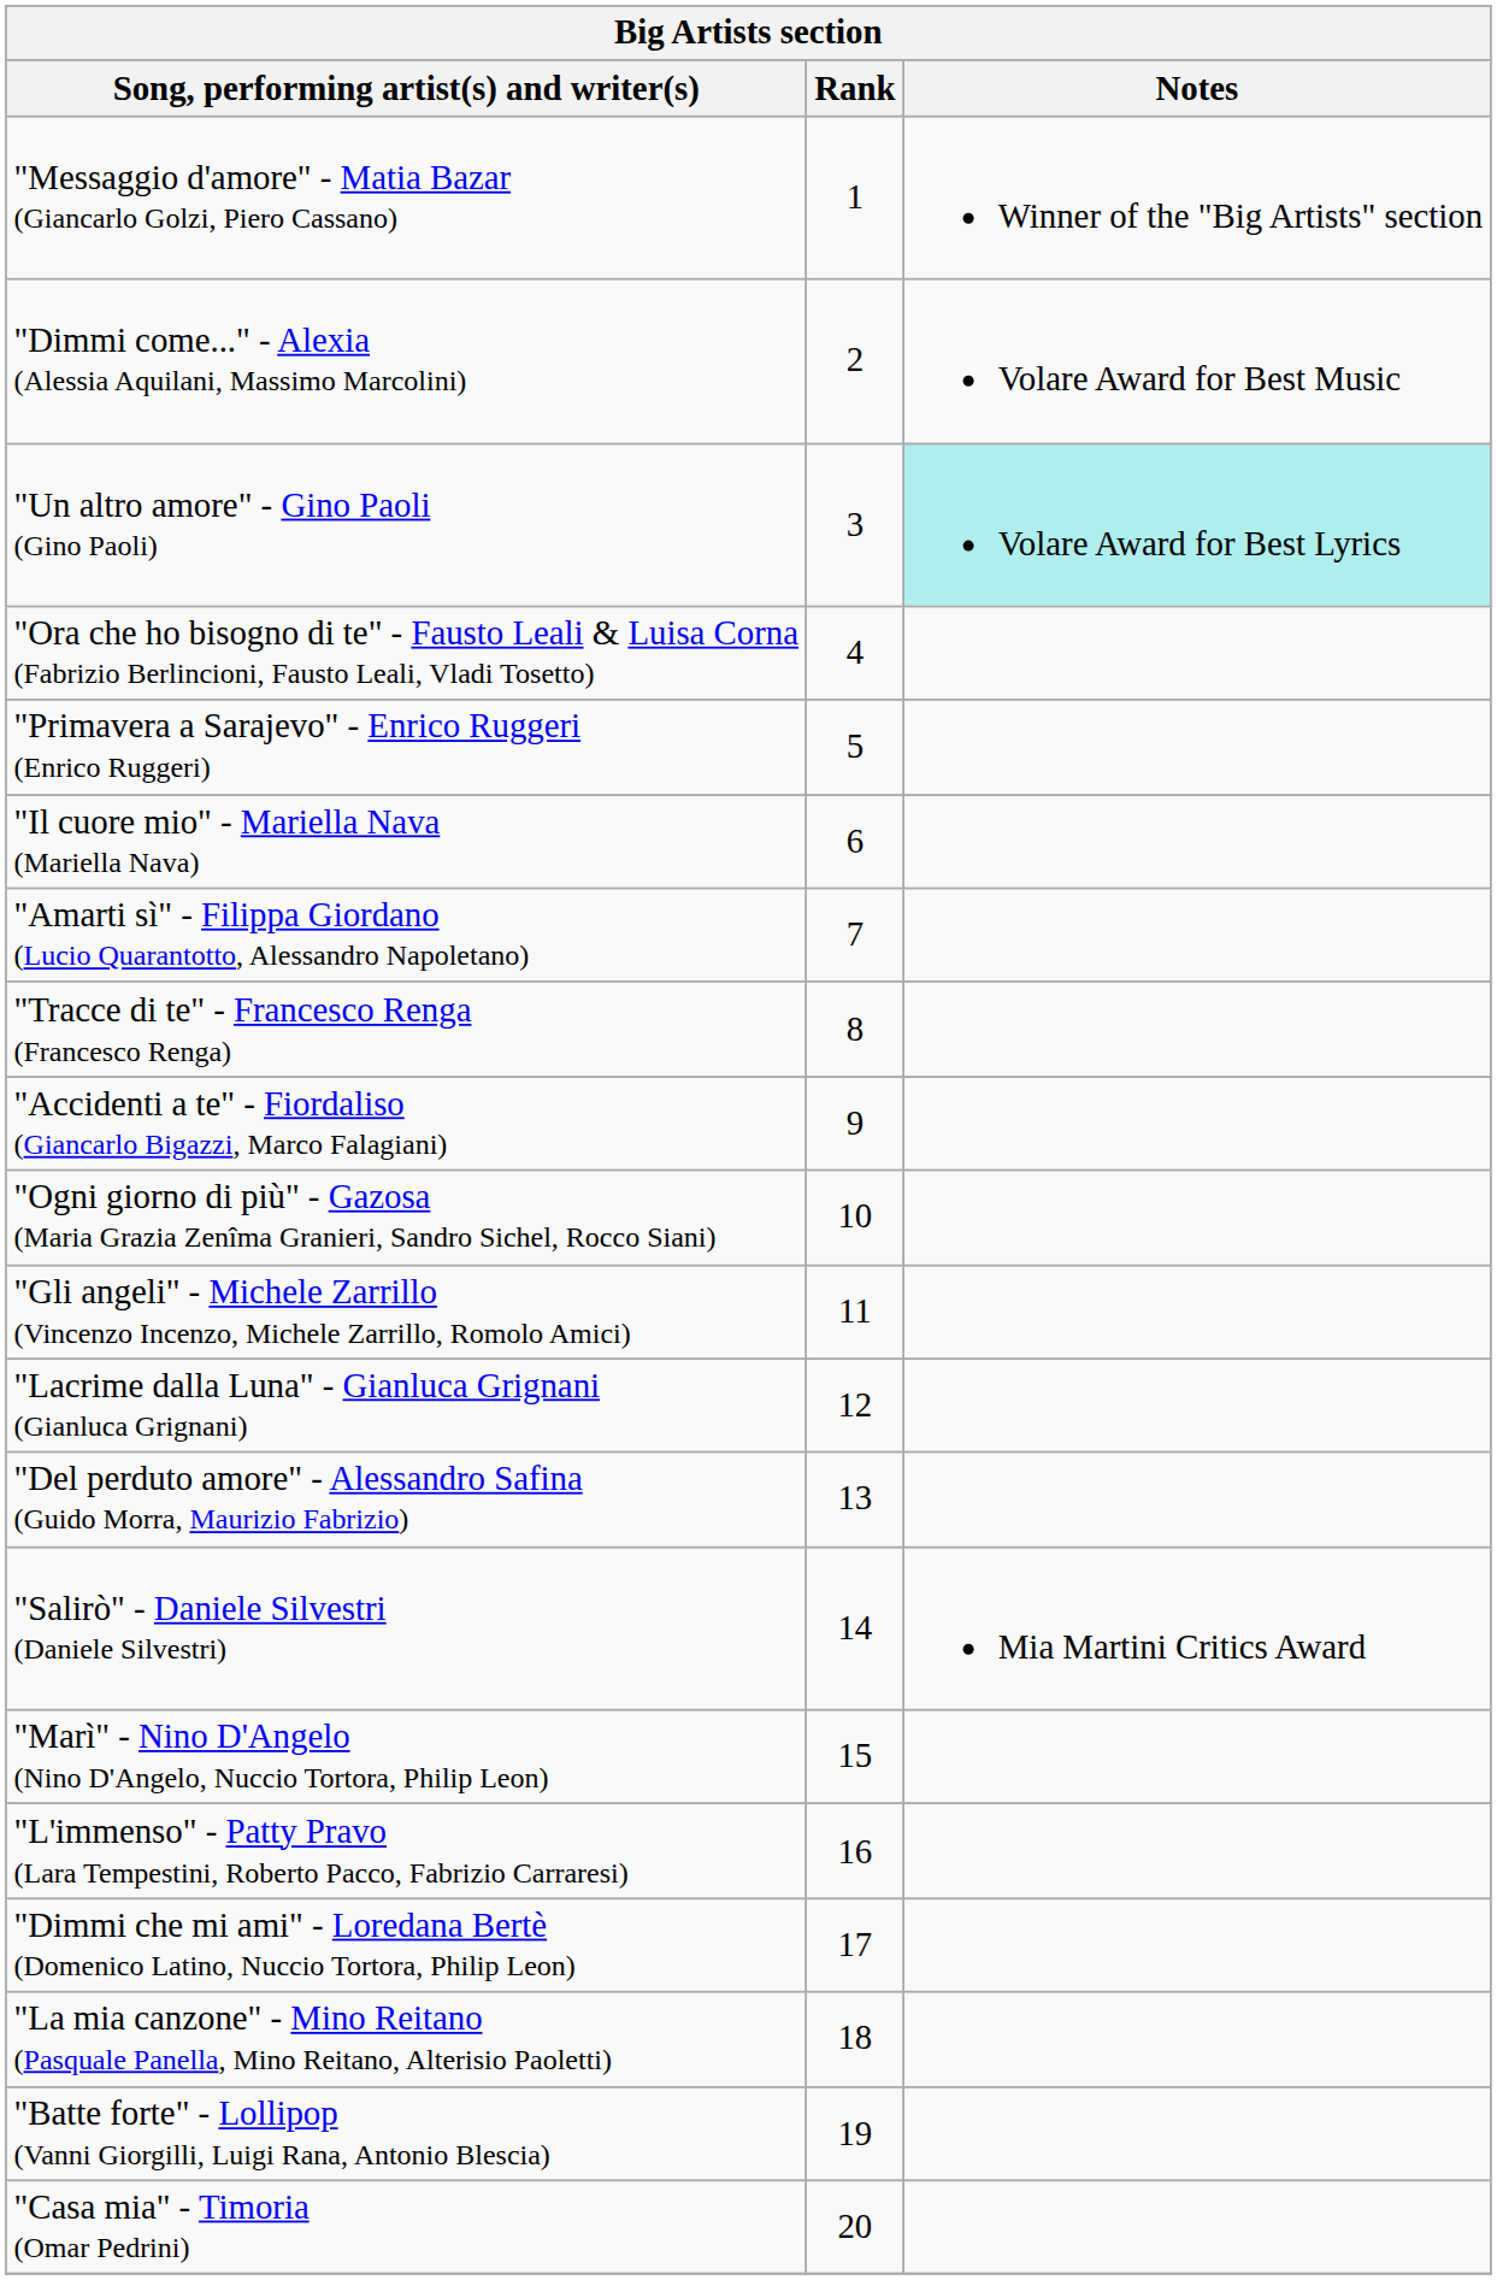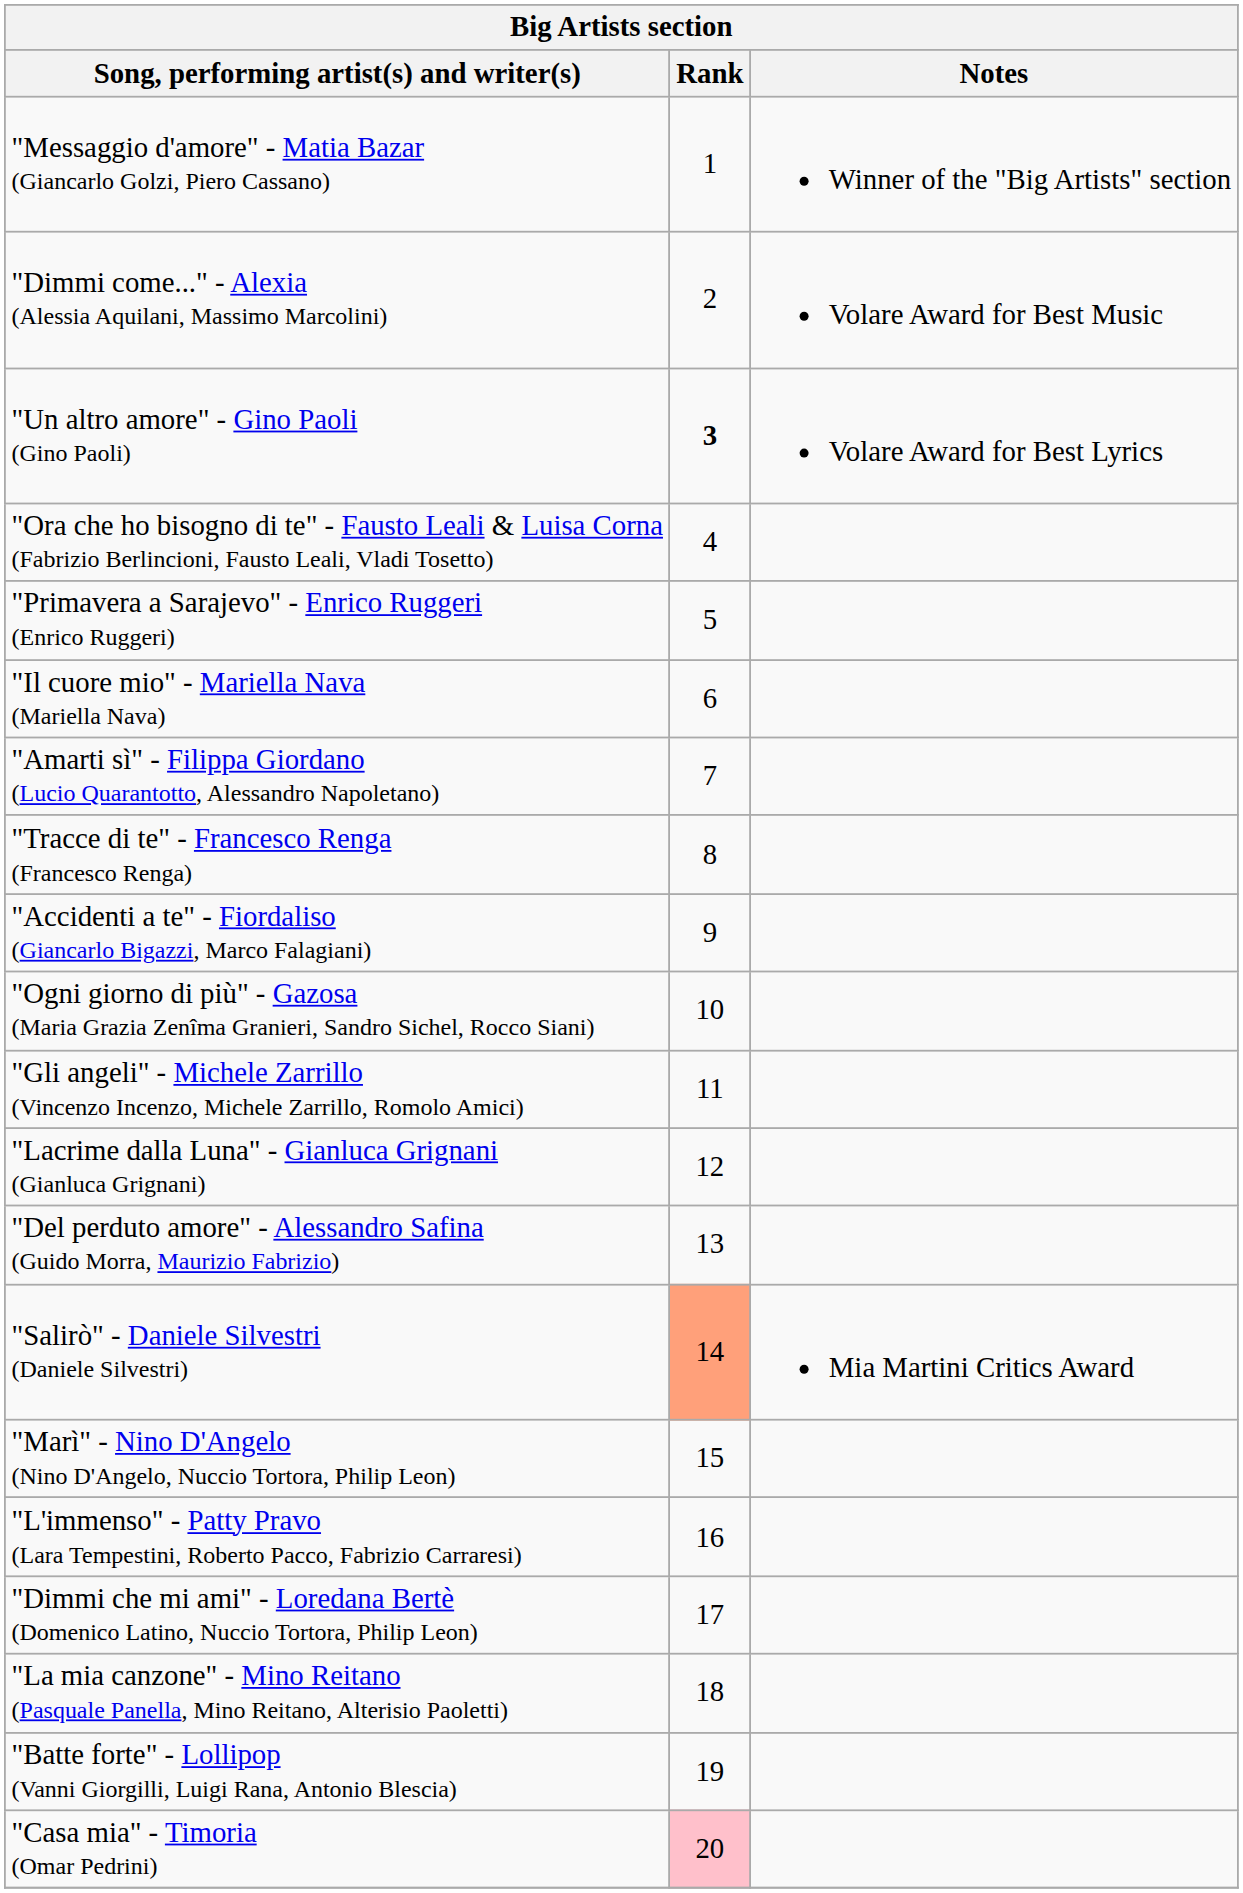 <table class="plainrowheaders wikitable">
 <tr>
 <th colspan="3">Big Artists section</th>
 </tr>
 <tr>
 <th>Song, performing artist(s) and writer(s)</th>
 <th>Rank</th>
 <th>Notes</th>
 </tr>
 <tr>
 <td>"Messaggio d'amore" - <a href='#'>Matia Bazar</a><br><small>  	(Giancarlo Golzi, Piero Cassano)</small></td>
 <td align="center">1</td>
 <td><br><ul><li>Winner of the "Big Artists" section</li></ul></td>
 </tr>
 <tr>
 <td>"Dimmi come..." -  <a href='#'>Alexia</a><br><small>  	 	(Alessia Aquilani, Massimo Marcolini) 	</small></td>
 <td align="center">2</td>
 <td><br><ul><li>Volare Award for Best Music</li></ul></td>
 </tr>
 <tr>
 <td>"Un altro amore" -  <a href='#'>Gino Paoli</a><br><small>  	 	(Gino Paoli) </small></td>
-<td align="center">3</td>
-<td style="background: paleturquoise;"><br><ul><li>Volare Award for Best Lyrics</li></ul></td>
+<td align="center"><strong>3</strong></td>
+<td><br><ul><li>Volare Award for Best Lyrics</li></ul></td>
 </tr>
 <tr>
 <td>"Ora che ho bisogno di te" - <a href='#'>Fausto Leali</a> & <a href='#'>Luisa Corna</a><br> <small>  	 	(Fabrizio Berlincioni, Fausto Leali, Vladi Tosetto) 	</small></td>
 <td align="center">4</td>
 <td></td>
 </tr>
 <tr>
 <td>"Primavera a Sarajevo" - <a href='#'>Enrico Ruggeri</a><br> <small>  	 	(Enrico Ruggeri) 	</small></td>
 <td align="center">5</td>
 <td></td>
 </tr>
 <tr>
 <td>"Il cuore mio" - <a href='#'>Mariella Nava</a><br><small>  	(Mariella Nava) 	</small></td>
 <td align="center">6</td>
 <td></td>
 </tr>
 <tr>
 <td>"Amarti sì" -  <a href='#'>Filippa Giordano</a><br> <small>  	 	(<a href='#'>Lucio Quarantotto</a>, Alessandro Napoletano) 	 </small></td>
 <td align="center">7</td>
 <td></td>
 </tr>
 <tr>
 <td>"Tracce di te" - <a href='#'>Francesco Renga</a><br><small>  		(Francesco Renga) 	 </small></td>
 <td align="center">8</td>
 <td></td>
 </tr>
 <tr>
 <td>"Accidenti a te" - <a href='#'>Fiordaliso</a><br><small>  	 	(<a href='#'>Giancarlo Bigazzi</a>, Marco Falagiani) 	 </small></td>
 <td align="center">9</td>
 <td></td>
 </tr>
 <tr>
 <td>"Ogni giorno di più" - <a href='#'>Gazosa</a> <br><small>  	(Maria Grazia Zenîma Granieri, Sandro Sichel, Rocco Siani) 	 </small></td>
 <td align="center">10</td>
 <td></td>
 </tr>
 <tr>
 <td>"Gli angeli" -  <a href='#'>Michele Zarrillo</a><br>  <small> 	(Vincenzo Incenzo, Michele Zarrillo, Romolo Amici) 	</small></td>
 <td align="center">11</td>
 <td></td>
 </tr>
 <tr>
 <td>"Lacrime dalla Luna" - <a href='#'>Gianluca Grignani</a><br> <small> 	 	(Gianluca Grignani) 	 </small></td>
 <td align="center">12</td>
 <td></td>
 </tr>
 <tr>
 <td>"Del perduto amore" - <a href='#'>Alessandro Safina</a><br><small>  	(Guido Morra, <a href='#'>Maurizio Fabrizio</a>) 	  </small></td>
 <td align="center">13</td>
 <td></td>
 </tr>
 <tr>
 <td>"Salirò" -  <a href='#'>Daniele Silvestri</a><br><small>  	 (Daniele Silvestri) 	 </small></td>
-<td align="center">14</td>
+<td align="center" style="background: lightsalmon;">14</td>
 <td><br><ul><li>Mia Martini Critics Award</li></ul></td>
 </tr>
 <tr>
 <td>"Marì" - <a href='#'>Nino D'Angelo</a> <br><small>   	(Nino D'Angelo, Nuccio Tortora, Philip Leon) 	 </small></td>
 <td align="center">15</td>
 <td></td>
 </tr>
 <tr>
 <td>"L'immenso" -  <a href='#'>Patty Pravo</a><br><small>  	(Lara Tempestini, Roberto Pacco, Fabrizio Carraresi) 	 </small></td>
 <td align="center">16</td>
 <td></td>
 </tr>
 <tr>
 <td>"Dimmi che mi ami" -  <a href='#'>Loredana Bertè</a><br><small>  	(Domenico Latino, Nuccio Tortora, Philip Leon) 	 </small></td>
 <td align="center">17</td>
 <td></td>
 </tr>
 <tr>
 <td>"La mia canzone" -  <a href='#'>Mino Reitano</a><br><small> 	(<a href='#'>Pasquale Panella</a>, Mino Reitano, Alterisio Paoletti) 		 </small></td>
 <td align="center">18</td>
 <td></td>
 </tr>
 <tr>
 <td>"Batte forte" -  <a href='#'>Lollipop</a> <br><small> 	 	(Vanni Giorgilli, Luigi Rana, Antonio Blescia) 		 </small></td>
 <td align="center">19</td>
 <td></td>
 </tr>
 <tr>
 <td>"Casa mia" -  <a href='#'>Timoria</a><br><small>   	(Omar Pedrini) 	 </small></td>
-<td align="center">20</td>
+<td align="center" style="background: pink;">20</td>
 <td></td>
 </tr>
 <tr>
 </tr>
 </table>
